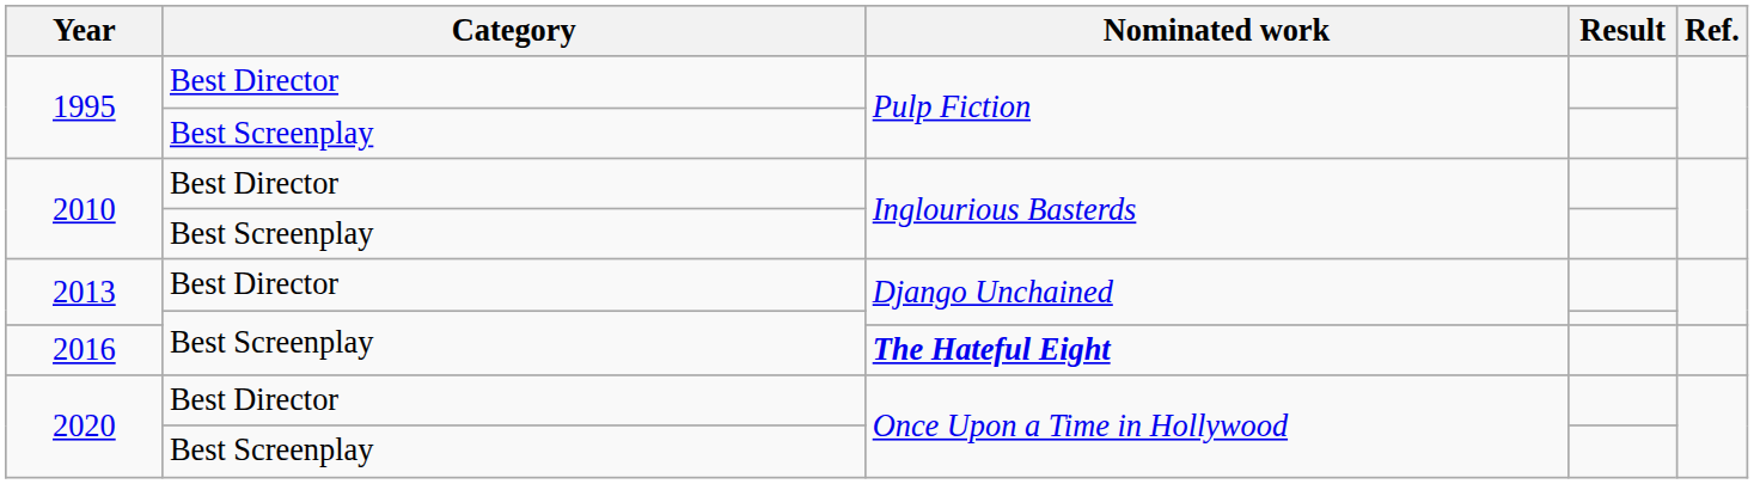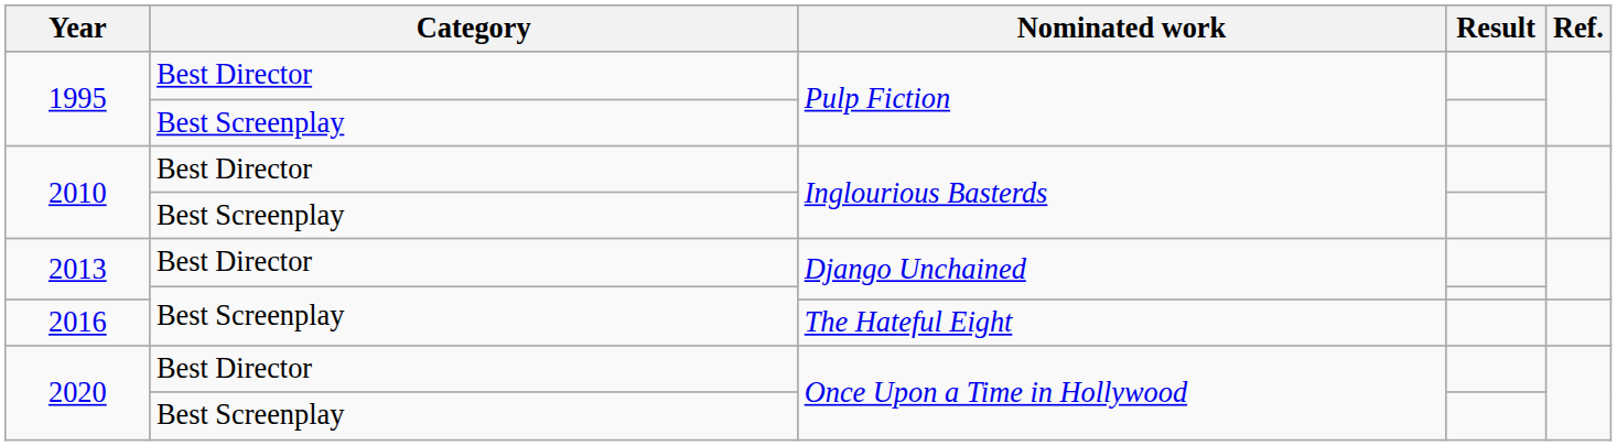 <table class="wikitable sortable plainrowheaders" Style=font-size:98%>
 <tr>
 <th scope="col" style="width:9%;">Year</th>
 <th scope="col" style="width:20em;">Category</th>
 <th scope="col" style="width:20em;">Nominated work</th>
 <th scope="col" style="width:2em;">Result</th>
 <th scope="col" style="width:4%;" class="unsortable">Ref.</th>
 </tr>
 <tr>
 <td style="text-align:center;", rowspan=2><a href='#'>1995</a></td>
 <td><a href='#'>Best Director</a></td>
 <td rowspan=2><em><a href='#'>Pulp Fiction</a></em></td>
 <td></td>
 <td style="text-align:center;", rowspan=2></td>
 </tr>
 <tr>
 <td><a href='#'>Best Screenplay</a></td>
 <td></td>
 </tr>
 <tr>
 <td style="text-align:center;", rowspan=2><a href='#'>2010</a></td>
 <td>Best Director</td>
 <td rowspan=2><em><a href='#'>Inglourious Basterds</a></em></td>
 <td></td>
 <td style="text-align:center;", rowspan=2></td>
 </tr>
 <tr>
 <td>Best Screenplay</td>
 <td></td>
 </tr>
 <tr>
 <td style="text-align:center;", rowspan=2><a href='#'>2013</a></td>
 <td>Best Director</td>
 <td rowspan=2><em><a href='#'>Django Unchained</a></em></td>
 <td></td>
 <td style="text-align:center;", rowspan=2></td>
 </tr>
 <tr>
 <td rowspan=2>Best Screenplay</td>
 <td></td>
 </tr>
 <tr>
 <td style="text-align:center;"><a href='#'>2016</a></td>
-<td><strong><em><a href='#'>The Hateful Eight</a></em></strong></td>
+<td><em><a href='#'>The Hateful Eight</a></em></td>
 <td></td>
 <td style="text-align:center;"></td>
 </tr>
 <tr>
 <td style="text-align:center;", rowspan=2><a href='#'>2020</a></td>
 <td>Best Director</td>
 <td rowspan=2><em><a href='#'>Once Upon a Time in Hollywood</a></em></td>
 <td></td>
 <td style="text-align:center;", rowspan=2></td>
 </tr>
 <tr>
 <td>Best Screenplay</td>
 <td></td>
 </tr>
 </table>
